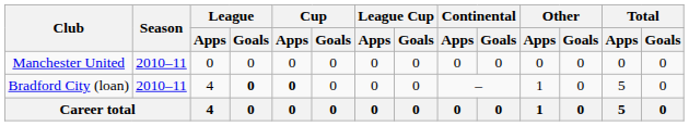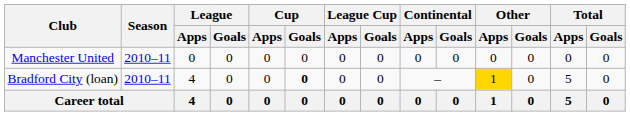 <table class="wikitable" style="text-align:center">
 <tr>
 <th rowspan="2">Club</th>
 <th rowspan="2">Season</th>
 <th colspan="2">League</th>
 <th colspan="2">Cup</th>
 <th colspan="2">League Cup</th>
 <th colspan="2">Continental</th>
 <th colspan="2">Other</th>
 <th colspan="2">Total</th>
 </tr>
 <tr>
 <th>Apps</th>
 <th>Goals</th>
 <th>Apps</th>
 <th>Goals</th>
 <th>Apps</th>
 <th>Goals</th>
 <th>Apps</th>
 <th>Goals</th>
 <th>Apps</th>
 <th>Goals</th>
 <th>Apps</th>
 <th>Goals</th>
 </tr>
 <tr>
 <td><a href='#'>Manchester United</a></td>
 <td><a href='#'>2010–11</a></td>
 <td>0</td>
 <td>0</td>
 <td>0</td>
 <td>0</td>
 <td>0</td>
 <td>0</td>
 <td>0</td>
 <td>0</td>
 <td>0</td>
 <td>0</td>
 <td>0</td>
 <td>0</td>
 </tr>
 <tr>
 <td><a href='#'>Bradford City</a> (loan)</td>
 <td><a href='#'>2010–11</a></td>
 <td>4</td>
-<td><strong>0</strong></td>
+<td>0</td>
+<td>0</td>
 <td><strong>0</strong></td>
 <td>0</td>
 <td>0</td>
-<td>0</td>
 <td colspan="2">–</td>
-<td>1</td>
+<td style="background: gold;">1</td>
 <td>0</td>
 <td>5</td>
 <td>0</td>
 </tr>
 <tr>
 <th colspan="2">Career total</th>
 <th>4</th>
 <th>0</th>
 <th>0</th>
 <th>0</th>
 <th>0</th>
 <th>0</th>
 <th>0</th>
 <th>0</th>
 <th>1</th>
 <th>0</th>
 <th>5</th>
 <th>0</th>
 </tr>
 </table>
